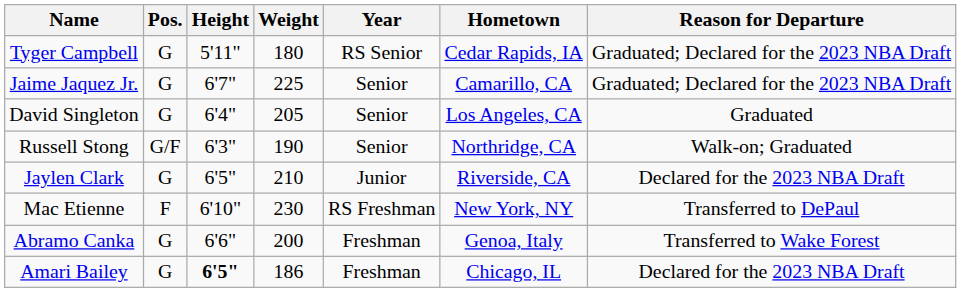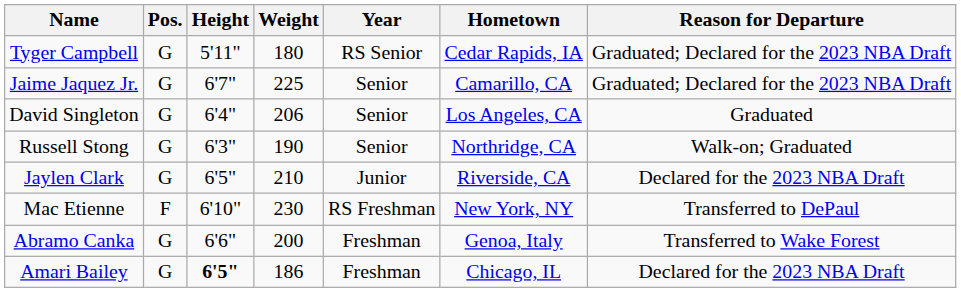 <table class="wikitable sortable sortable" style="text-align: center">
 <tr align=center>
 <th>Name</th>
 <th>Pos.</th>
 <th>Height</th>
 <th>Weight</th>
 <th>Year</th>
 <th>Hometown</th>
 <th>Reason for Departure</th>
 </tr>
 <tr>
 <td><a href='#'>Tyger Campbell</a></td>
 <td>G</td>
 <td>5'11"</td>
 <td>180</td>
 <td>RS Senior</td>
 <td><a href='#'>Cedar Rapids, IA</a></td>
 <td>Graduated; Declared for the <a href='#'>2023 NBA Draft</a></td>
 </tr>
 <tr>
 <td><a href='#'>Jaime Jaquez Jr.</a></td>
 <td>G</td>
 <td>6'7"</td>
 <td>225</td>
 <td>Senior</td>
 <td><a href='#'>Camarillo, CA</a></td>
 <td>Graduated; Declared for the <a href='#'>2023 NBA Draft</a></td>
 </tr>
 <tr>
 <td>David Singleton</td>
 <td>G</td>
 <td>6'4"</td>
-<td>205</td>
+<td>206</td>
 <td>Senior</td>
 <td><a href='#'>Los Angeles, CA</a></td>
 <td>Graduated</td>
 </tr>
 <tr>
 <td>Russell Stong</td>
-<td>G/F</td>
+<td>G</td>
 <td>6'3"</td>
 <td>190</td>
 <td>Senior</td>
 <td><a href='#'>Northridge, CA</a></td>
 <td>Walk-on; Graduated</td>
 </tr>
 <tr>
 <td><a href='#'>Jaylen Clark</a></td>
 <td>G</td>
 <td>6'5"</td>
 <td>210</td>
 <td>Junior</td>
 <td><a href='#'>Riverside, CA</a></td>
 <td>Declared for the <a href='#'>2023 NBA Draft</a></td>
 </tr>
 <tr>
 <td>Mac Etienne</td>
 <td>F</td>
 <td>6'10"</td>
 <td>230</td>
 <td>RS Freshman</td>
 <td><a href='#'>New York, NY</a></td>
 <td>Transferred to <a href='#'>DePaul</a></td>
 </tr>
 <tr>
 <td><a href='#'>Abramo Canka</a></td>
 <td>G</td>
 <td>6'6"</td>
 <td>200</td>
 <td>Freshman</td>
 <td><a href='#'>Genoa, Italy</a></td>
 <td>Transferred to <a href='#'>Wake Forest</a></td>
 </tr>
 <tr>
 <td><a href='#'>Amari Bailey</a></td>
 <td>G</td>
 <td><strong>6'5"</strong></td>
 <td>186</td>
 <td>Freshman</td>
 <td><a href='#'>Chicago, IL</a></td>
 <td>Declared for the <a href='#'>2023 NBA Draft</a></td>
 </tr>
 </table>
